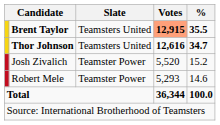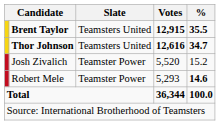 <table class="wikitable defaultright col1left col2left col3left">
 <tr>
 <th colspan=2>Candidate</th>
 <th>Slate</th>
 <th>Votes</th>
 <th>%</th>
 </tr>
 <tr>
 <td style="background: #F7D612"></td>
 <td><strong>Brent Taylor</strong></td>
 <td style="white-space: nowrap">Teamsters United</td>
-<td style="background: lightsalmon;"><strong>12,915</strong></td>
+<td><strong>12,915</strong></td>
 <td><strong>35.5</strong></td>
 </tr>
 <tr>
 <td style="background: #F7D612"></td>
 <td><strong>Thor Johnson</strong></td>
 <td>Teamsters United</td>
 <td><strong>12,616</strong></td>
 <td><strong>34.7</strong></td>
 </tr>
 <tr>
 <td style="background: #C40C1F"></td>
 <td>Josh Zivalich</td>
 <td>Teamster Power</td>
 <td>5,520</td>
 <td>15.2</td>
 </tr>
 <tr>
 <td style="background: #C40C1F"></td>
 <td>Robert Mele</td>
 <td>Teamster Power</td>
 <td>5,293</td>
-<td>14.6</td>
+<td><strong>14.6</strong></td>
 </tr>
 <tr style="font-weight: bold">
 <td colspan=3>Total</td>
 <td style="text-align: right">36,344</td>
 <td style="text-align: right">100.0</td>
 </tr>
 <tr>
 <td colspan=5>Source: International Brotherhood of Teamsters</td>
 </tr>
 </table>
